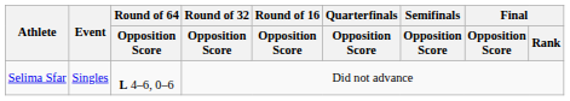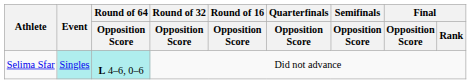 <table class="wikitable" border="1" style="font-size:90%">
 <tr>
 <th rowspan=2>Athlete</th>
 <th rowspan=2>Event</th>
 <th>Round of 64</th>
 <th>Round of 32</th>
 <th>Round of 16</th>
 <th>Quarterfinals</th>
 <th>Semifinals</th>
 <th colspan=2>Final</th>
 </tr>
 <tr>
 <th>Opposition<br>Score</th>
 <th>Opposition<br>Score</th>
 <th>Opposition<br>Score</th>
 <th>Opposition<br>Score</th>
 <th>Opposition<br>Score</th>
 <th>Opposition<br>Score</th>
 <th>Rank</th>
 </tr>
 <tr>
 <td><a href='#'>Selima Sfar</a></td>
-<td><a href='#'>Singles</a></td>
-<td align=center><br><strong>L</strong> 4–6, 0–6</td>
+<td style="background: paleturquoise;"><a href='#'>Singles</a></td>
+<td align=center style="background: paleturquoise;"><br><strong>L</strong> 4–6, 0–6</td>
 <td align=center colspan=6>Did not advance</td>
 </tr>
 </table>
